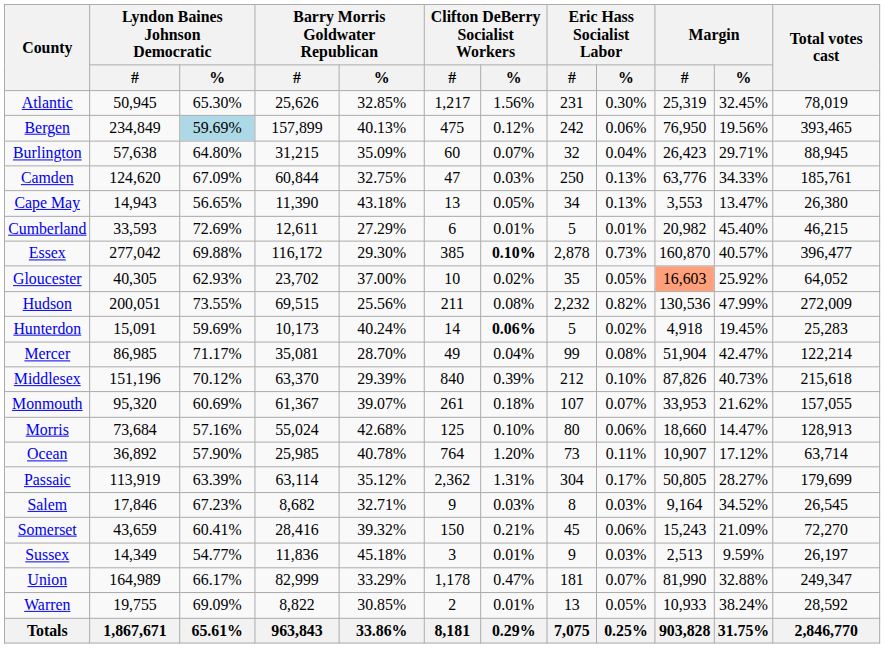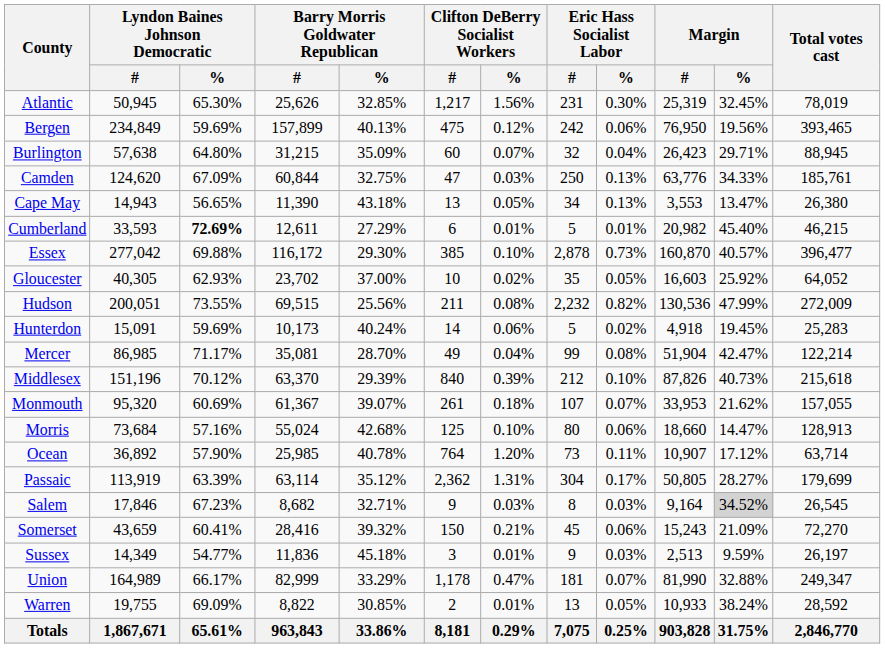 <table width="70%" class="wikitable sortable" style="text-align:center">
 <tr>
 <th colspan="1" rowspan="2">County</th>
 <th style="text-align:center;" colspan="2">Lyndon Baines Johnson<br>Democratic</th>
 <th style="text-align:center;" colspan="2">Barry Morris Goldwater<br>Republican</th>
 <th style="text-align:center;" colspan="2">Clifton DeBerry<br>Socialist Workers</th>
 <th style="text-align:center;" colspan="2">Eric Hass<br>Socialist Labor</th>
 <th style="text-align:center;" colspan="2">Margin</th>
 <th colspan="1" rowspan="2" style="text-align:center;">Total votes cast</th>
 </tr>
 <tr>
 <th style="text-align:center;" data-sort-type="number">#</th>
 <th style="text-align:center;" data-sort-type="number">%</th>
 <th style="text-align:center;" data-sort-type="number">#</th>
 <th style="text-align:center;" data-sort-type="number">%</th>
 <th style="text-align:center;" data-sort-type="number">#</th>
 <th style="text-align:center;" data-sort-type="number">%</th>
 <th>#</th>
 <th>%</th>
 <th style="text-align:center;" data-sort-type="number">#</th>
 <th style="text-align:center;" data-sort-type="number">%</th>
 </tr>
 <tr style="text-align:center;">
 <td><a href='#'>Atlantic</a></td>
 <td>50,945</td>
 <td>65.30%</td>
 <td>25,626</td>
 <td>32.85%</td>
 <td>1,217</td>
 <td>1.56%</td>
 <td>231</td>
 <td>0.30%</td>
 <td>25,319</td>
 <td>32.45%</td>
 <td>78,019</td>
 </tr>
 <tr style="text-align:center;">
 <td><a href='#'>Bergen</a></td>
 <td>234,849</td>
-<td style="background: lightblue;">59.69%</td>
+<td>59.69%</td>
 <td>157,899</td>
 <td>40.13%</td>
 <td>475</td>
 <td>0.12%</td>
 <td>242</td>
 <td>0.06%</td>
 <td>76,950</td>
 <td>19.56%</td>
 <td>393,465</td>
 </tr>
 <tr style="text-align:center;">
 <td><a href='#'>Burlington</a></td>
 <td>57,638</td>
 <td>64.80%</td>
 <td>31,215</td>
 <td>35.09%</td>
 <td>60</td>
 <td>0.07%</td>
 <td>32</td>
 <td>0.04%</td>
 <td>26,423</td>
 <td>29.71%</td>
 <td>88,945</td>
 </tr>
 <tr style="text-align:center;">
 <td><a href='#'>Camden</a></td>
 <td>124,620</td>
 <td>67.09%</td>
 <td>60,844</td>
 <td>32.75%</td>
 <td>47</td>
 <td>0.03%</td>
 <td>250</td>
 <td>0.13%</td>
 <td>63,776</td>
 <td>34.33%</td>
 <td>185,761</td>
 </tr>
 <tr style="text-align:center;">
 <td><a href='#'>Cape May</a></td>
 <td>14,943</td>
 <td>56.65%</td>
 <td>11,390</td>
 <td>43.18%</td>
 <td>13</td>
 <td>0.05%</td>
 <td>34</td>
 <td>0.13%</td>
 <td>3,553</td>
 <td>13.47%</td>
 <td>26,380</td>
 </tr>
 <tr style="text-align:center;">
 <td><a href='#'>Cumberland</a></td>
 <td>33,593</td>
-<td>72.69%</td>
+<td><strong>72.69%</strong></td>
 <td>12,611</td>
 <td>27.29%</td>
 <td>6</td>
 <td>0.01%</td>
 <td>5</td>
 <td>0.01%</td>
 <td>20,982</td>
 <td>45.40%</td>
 <td>46,215</td>
 </tr>
 <tr style="text-align:center;">
 <td><a href='#'>Essex</a></td>
 <td>277,042</td>
 <td>69.88%</td>
 <td>116,172</td>
 <td>29.30%</td>
 <td>385</td>
-<td><strong>0.10%</strong></td>
+<td>0.10%</td>
 <td>2,878</td>
 <td>0.73%</td>
 <td>160,870</td>
 <td>40.57%</td>
 <td>396,477</td>
 </tr>
 <tr style="text-align:center;">
 <td><a href='#'>Gloucester</a></td>
 <td>40,305</td>
 <td>62.93%</td>
 <td>23,702</td>
 <td>37.00%</td>
 <td>10</td>
 <td>0.02%</td>
 <td>35</td>
 <td>0.05%</td>
-<td style="background: lightsalmon;">16,603</td>
+<td>16,603</td>
 <td>25.92%</td>
 <td>64,052</td>
 </tr>
 <tr style="text-align:center;">
 <td><a href='#'>Hudson</a></td>
 <td>200,051</td>
 <td>73.55%</td>
 <td>69,515</td>
 <td>25.56%</td>
 <td>211</td>
 <td>0.08%</td>
 <td>2,232</td>
 <td>0.82%</td>
 <td>130,536</td>
 <td>47.99%</td>
 <td>272,009</td>
 </tr>
 <tr style="text-align:center;">
 <td><a href='#'>Hunterdon</a></td>
 <td>15,091</td>
 <td>59.69%</td>
 <td>10,173</td>
 <td>40.24%</td>
 <td>14</td>
-<td><strong>0.06%</strong></td>
+<td>0.06%</td>
 <td>5</td>
 <td>0.02%</td>
 <td>4,918</td>
 <td>19.45%</td>
 <td>25,283</td>
 </tr>
 <tr style="text-align:center;">
 <td><a href='#'>Mercer</a></td>
 <td>86,985</td>
 <td>71.17%</td>
 <td>35,081</td>
 <td>28.70%</td>
 <td>49</td>
 <td>0.04%</td>
 <td>99</td>
 <td>0.08%</td>
 <td>51,904</td>
 <td>42.47%</td>
 <td>122,214</td>
 </tr>
 <tr style="text-align:center;">
 <td><a href='#'>Middlesex</a></td>
 <td>151,196</td>
 <td>70.12%</td>
 <td>63,370</td>
 <td>29.39%</td>
 <td>840</td>
 <td>0.39%</td>
 <td>212</td>
 <td>0.10%</td>
 <td>87,826</td>
 <td>40.73%</td>
 <td>215,618</td>
 </tr>
 <tr style="text-align:center;">
 <td><a href='#'>Monmouth</a></td>
 <td>95,320</td>
 <td>60.69%</td>
 <td>61,367</td>
 <td>39.07%</td>
 <td>261</td>
 <td>0.18%</td>
 <td>107</td>
 <td>0.07%</td>
 <td>33,953</td>
 <td>21.62%</td>
 <td>157,055</td>
 </tr>
 <tr style="text-align:center;">
 <td><a href='#'>Morris</a></td>
 <td>73,684</td>
 <td>57.16%</td>
 <td>55,024</td>
 <td>42.68%</td>
 <td>125</td>
 <td>0.10%</td>
 <td>80</td>
 <td>0.06%</td>
 <td>18,660</td>
 <td>14.47%</td>
 <td>128,913</td>
 </tr>
 <tr style="text-align:center;">
 <td><a href='#'>Ocean</a></td>
 <td>36,892</td>
 <td>57.90%</td>
 <td>25,985</td>
 <td>40.78%</td>
 <td>764</td>
 <td>1.20%</td>
 <td>73</td>
 <td>0.11%</td>
 <td>10,907</td>
 <td>17.12%</td>
 <td>63,714</td>
 </tr>
 <tr style="text-align:center;">
 <td><a href='#'>Passaic</a></td>
 <td>113,919</td>
 <td>63.39%</td>
 <td>63,114</td>
 <td>35.12%</td>
 <td>2,362</td>
 <td>1.31%</td>
 <td>304</td>
 <td>0.17%</td>
 <td>50,805</td>
 <td>28.27%</td>
 <td>179,699</td>
 </tr>
 <tr style="text-align:center;">
 <td><a href='#'>Salem</a></td>
 <td>17,846</td>
 <td>67.23%</td>
 <td>8,682</td>
 <td>32.71%</td>
 <td>9</td>
 <td>0.03%</td>
 <td>8</td>
 <td>0.03%</td>
 <td>9,164</td>
-<td>34.52%</td>
+<td style="background: lightgrey;">34.52%</td>
 <td>26,545</td>
 </tr>
 <tr style="text-align:center;">
 <td><a href='#'>Somerset</a></td>
 <td>43,659</td>
 <td>60.41%</td>
 <td>28,416</td>
 <td>39.32%</td>
 <td>150</td>
 <td>0.21%</td>
 <td>45</td>
 <td>0.06%</td>
 <td>15,243</td>
 <td>21.09%</td>
 <td>72,270</td>
 </tr>
 <tr style="text-align:center;">
 <td><a href='#'>Sussex</a></td>
 <td>14,349</td>
 <td>54.77%</td>
 <td>11,836</td>
 <td>45.18%</td>
 <td>3</td>
 <td>0.01%</td>
 <td>9</td>
 <td>0.03%</td>
 <td>2,513</td>
 <td>9.59%</td>
 <td>26,197</td>
 </tr>
 <tr style="text-align:center;">
 <td><a href='#'>Union</a></td>
 <td>164,989</td>
 <td>66.17%</td>
 <td>82,999</td>
 <td>33.29%</td>
 <td>1,178</td>
 <td>0.47%</td>
 <td>181</td>
 <td>0.07%</td>
 <td>81,990</td>
 <td>32.88%</td>
 <td>249,347</td>
 </tr>
 <tr style="text-align:center;">
 <td><a href='#'>Warren</a></td>
 <td>19,755</td>
 <td>69.09%</td>
 <td>8,822</td>
 <td>30.85%</td>
 <td>2</td>
 <td>0.01%</td>
 <td>13</td>
 <td>0.05%</td>
 <td>10,933</td>
 <td>38.24%</td>
 <td>28,592</td>
 </tr>
 <tr style="text-align:center;">
 <th>Totals</th>
 <th>1,867,671</th>
 <th>65.61%</th>
 <th>963,843</th>
 <th>33.86%</th>
 <th>8,181</th>
 <th>0.29%</th>
 <th>7,075</th>
 <th>0.25%</th>
 <th>903,828</th>
 <th>31.75%</th>
 <th>2,846,770</th>
 </tr>
 </table>
